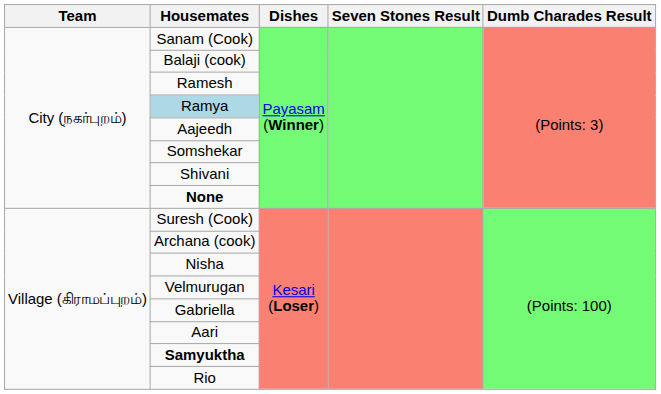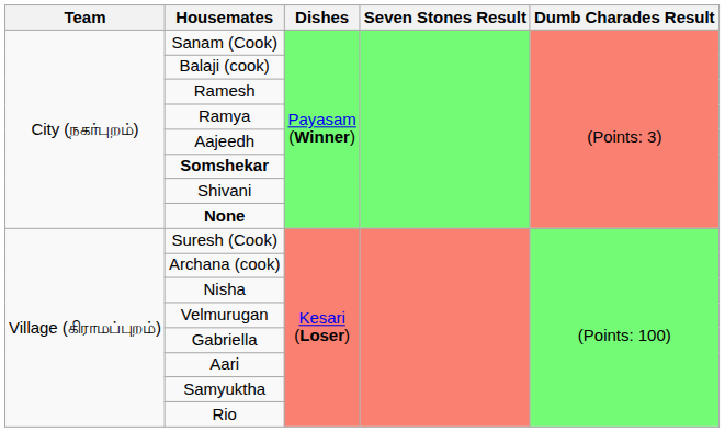 <table class="wikitable" style="text-align:center; font-size:90%; line-height:15px;">
 <tr>
 <th>Team</th>
 <th>Housemates</th>
 <th>Dishes</th>
 <th>Seven Stones Result</th>
 <th>Dumb Charades Result</th>
 </tr>
 <tr>
 <td rowspan="8">City (நகர்புறம்)</td>
 <td>Sanam (Cook)</td>
 <td rowspan="8" style="background:#73FB76;"><a href='#'>Payasam</a><br>(<strong>Winner</strong>)</td>
 <td rowspan="8" style="background:#73FB76;"></td>
 <td rowspan="8" style="background:salmon;"><br>(Points: 3)</td>
 </tr>
 <tr>
 <td>Balaji (cook)</td>
 </tr>
 <tr>
 <td>Ramesh</td>
 </tr>
 <tr>
-<td style="background: lightblue;">Ramya</td>
+<td>Ramya</td>
 </tr>
 <tr>
 <td>Aajeedh</td>
 </tr>
 <tr>
-<td>Somshekar</td>
+<td><strong>Somshekar</strong></td>
 </tr>
 <tr>
 <td>Shivani</td>
 </tr>
 <tr>
 <td><strong>None</strong></td>
 </tr>
 <tr>
 <td rowspan="8">Village (கிராமப்புறம்)</td>
 <td>Suresh (Cook)</td>
 <td rowspan="8" style="background:salmon;"><a href='#'>Kesari</a><br>(<strong>Loser</strong>)</td>
 <td rowspan="8" style="background:salmon;"></td>
 <td rowspan="8" style="background:#73FB76;"><br>(Points: 100)</td>
 </tr>
 <tr>
 <td>Archana (cook)</td>
 </tr>
 <tr>
 <td>Nisha</td>
 </tr>
 <tr>
 <td>Velmurugan</td>
 </tr>
 <tr>
 <td>Gabriella</td>
 </tr>
 <tr>
 <td>Aari</td>
 </tr>
 <tr>
-<td><strong>Samyuktha</strong></td>
+<td>Samyuktha</td>
 </tr>
 <tr>
 <td>Rio</td>
 </tr>
 </table>
